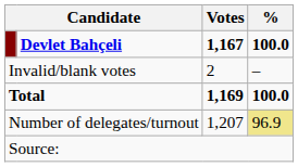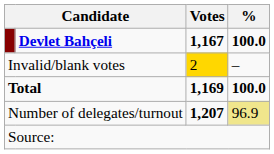 <table class="wikitable">
 <tr>
 <th colspan="2">Candidate</th>
 <th>Votes</th>
 <th>%</th>
 </tr>
 <tr>
 <td style="background: #870000; width:4px; text-align:center;"></td>
 <td><strong><a href='#'>Devlet Bahçeli</a></strong></td>
 <td><strong>1,167</strong></td>
 <td><strong>100.0</strong></td>
 </tr>
 <tr>
 <td colspan="2">Invalid/blank votes</td>
-<td>2</td>
+<td style="background: gold;">2</td>
 <td>–</td>
 </tr>
 <tr>
 <td colspan="2"><strong>Total</strong></td>
 <td><strong>1,169</strong></td>
 <td><strong>100.0</strong></td>
 </tr>
 <tr>
 <td colspan="2">Number of delegates/turnout</td>
-<td>1,207</td>
+<td><strong>1,207</strong></td>
 <td style="background: khaki;">96.9</td>
 </tr>
 <tr>
 <td colspan="4">Source: </td>
 </tr>
 </table>
